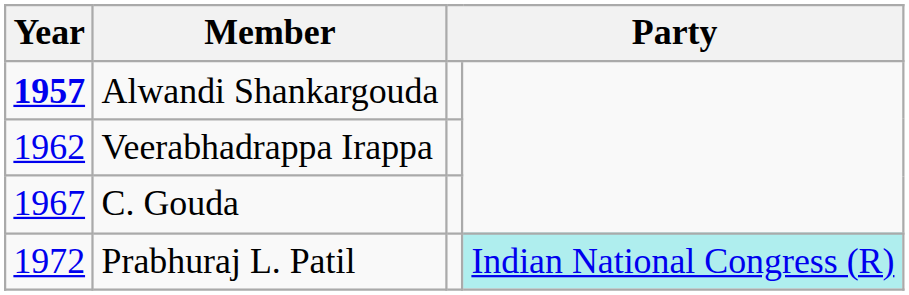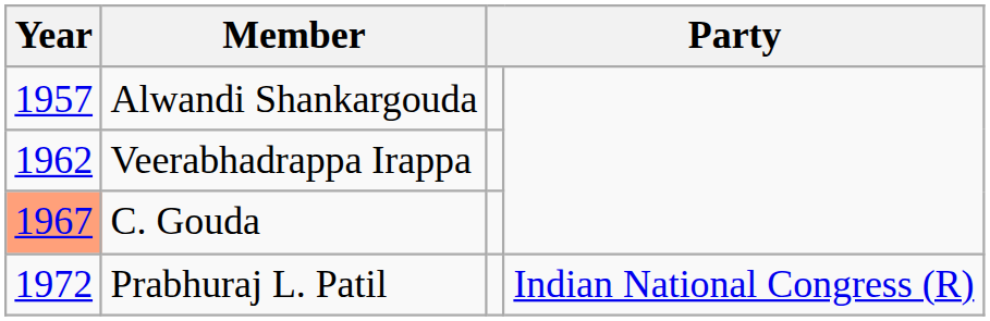 <table class="wikitable sortable">
 <tr>
 <th>Year</th>
 <th>Member</th>
 <th colspan="2">Party</th>
 </tr>
 <tr>
-<td><strong><a href='#'>1957</a></strong></td>
+<td><a href='#'>1957</a></td>
 <td>Alwandi Shankargouda</td>
 <td></td>
 </tr>
 <tr>
 <td><a href='#'>1962</a></td>
 <td>Veerabhadrappa Irappa</td>
 <td></td>
 </tr>
 <tr>
-<td><a href='#'>1967</a></td>
+<td style="background: lightsalmon;"><a href='#'>1967</a></td>
 <td>C. Gouda</td>
 <td></td>
 </tr>
 <tr>
 <td><a href='#'>1972</a></td>
 <td>Prabhuraj L. Patil</td>
 <td bgcolor=></td>
-<td style="background: paleturquoise;"><a href='#'>Indian National Congress (R)</a></td>
+<td><a href='#'>Indian National Congress (R)</a></td>
 </tr>
 </table>
